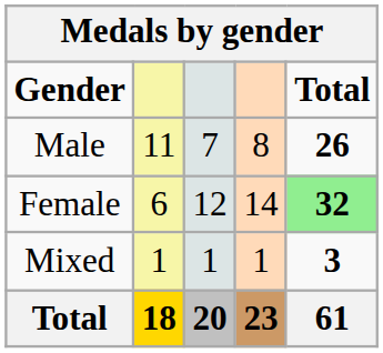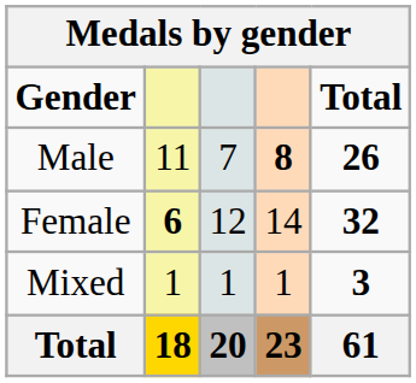 <table class="wikitable" style="font-size:85%; float:right">
 <tr bgcolor=EFEFEF>
 <th colspan=5><strong>Medals by gender</strong></th>
 </tr>
 <tr align=center>
 <td><strong>Gender</strong></td>
 <td bgcolor=F7F6A8></td>
 <td bgcolor=DCE5E5></td>
 <td bgcolor=FFDAB9></td>
 <td><strong>Total</strong></td>
 </tr>
 <tr align=center>
 <td>Male</td>
 <td bgcolor=F7F6A8>11</td>
 <td bgcolor=DCE5E5>7</td>
-<td bgcolor=FFDAB9>8</td>
+<td bgcolor=FFDAB9><strong>8</strong></td>
 <td><strong>26</strong></td>
 </tr>
 <tr align=center>
 <td>Female</td>
-<td bgcolor=F7F6A8>6</td>
+<td bgcolor=F7F6A8><strong>6</strong></td>
 <td bgcolor=DCE5E5>12</td>
 <td bgcolor=FFDAB9>14</td>
-<td style="background: lightgreen;"><strong>32</strong></td>
+<td><strong>32</strong></td>
 </tr>
 <tr align=center>
 <td>Mixed</td>
 <td bgcolor=F7F6A8>1</td>
 <td bgcolor=DCE5E5>1</td>
 <td bgcolor=FFDAB9>1</td>
 <td><strong>3</strong></td>
 </tr>
 <tr align=center>
 <th><strong>Total</strong></th>
 <th style="background:gold"><strong>18</strong></th>
 <th style="background:silver"><strong>20</strong></th>
 <th style="background:#c96"><strong>23</strong></th>
 <th><strong>61</strong></th>
 </tr>
 </table>
